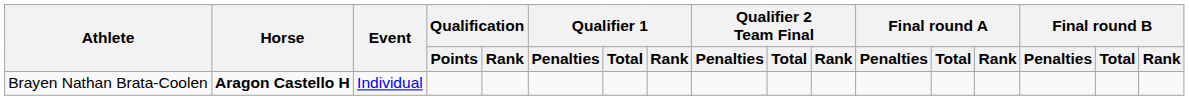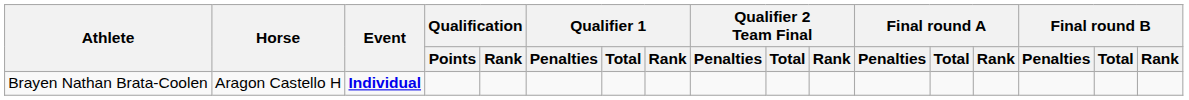 <table class=wikitable style=font-size:90%;text-align:center>
 <tr>
 <th rowspan=2>Athlete</th>
 <th rowspan=2>Horse</th>
 <th rowspan=2>Event</th>
 <th colspan=2>Qualification</th>
 <th colspan=3>Qualifier 1</th>
 <th colspan=3>Qualifier 2<br>Team Final</th>
 <th colspan=3>Final round A</th>
 <th colspan=3>Final round B</th>
 </tr>
 <tr>
 <th>Points</th>
 <th>Rank</th>
 <th>Penalties</th>
 <th>Total</th>
 <th>Rank</th>
 <th>Penalties</th>
 <th>Total</th>
 <th>Rank</th>
 <th>Penalties</th>
 <th>Total</th>
 <th>Rank</th>
 <th>Penalties</th>
 <th>Total</th>
 <th>Rank</th>
 </tr>
 <tr>
 <td align=left>Brayen Nathan Brata-Coolen</td>
-<td align=left><strong>Aragon Castello H</strong></td>
-<td align=left><a href='#'>Individual</a></td>
+<td align=left>Aragon Castello H</td>
+<td align=left><strong><a href='#'>Individual</a></strong></td>
 <td></td>
 <td></td>
 <td></td>
 <td></td>
 <td></td>
 <td></td>
 <td></td>
 <td></td>
 <td></td>
 <td></td>
 <td></td>
 <td></td>
 <td></td>
 <td></td>
 </tr>
 </table>
